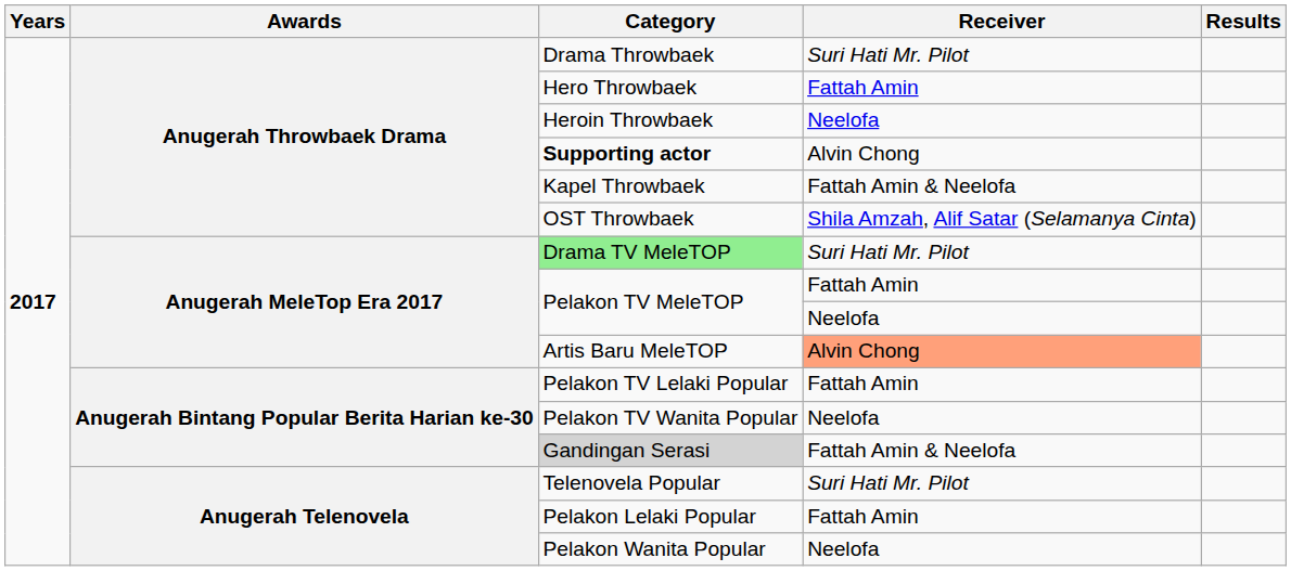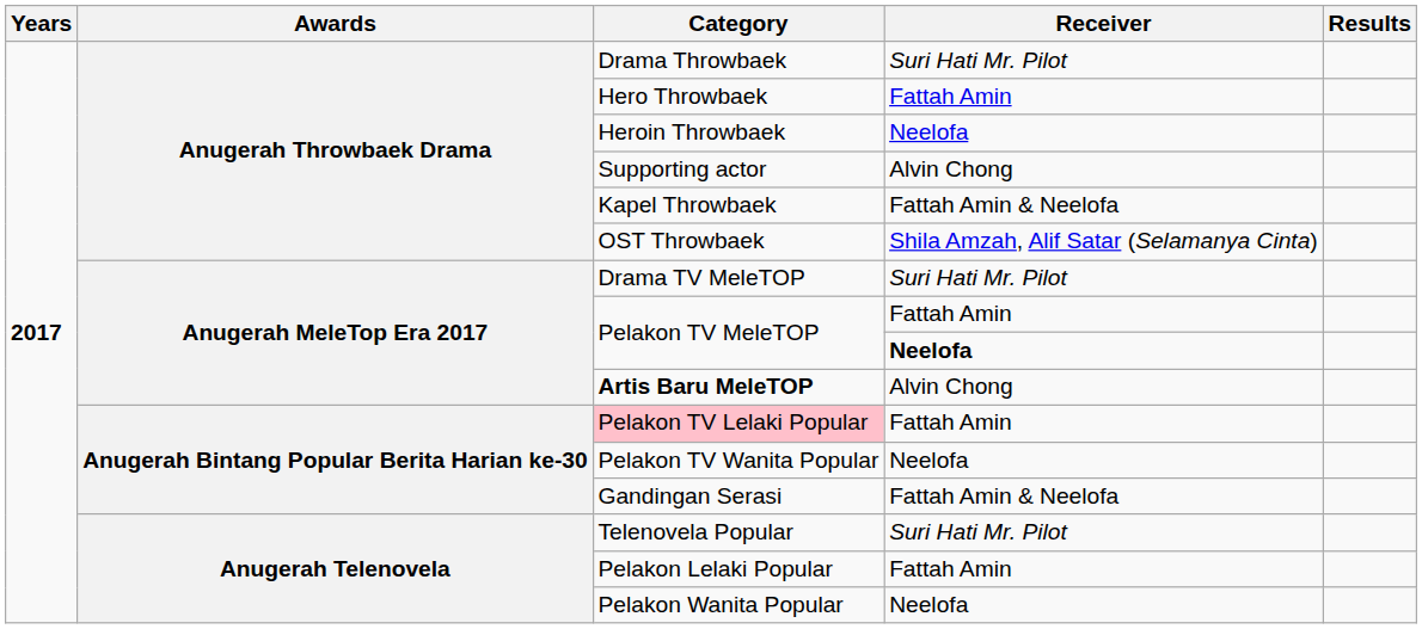 <table class="wikitable">
 <tr>
 <th>Years</th>
 <th>Awards</th>
 <th>Category</th>
 <th>Receiver</th>
 <th>Results</th>
 </tr>
 <tr>
 <td rowspan="16"><strong>2017</strong></td>
 <th rowspan="6" style="text-align:center;">Anugerah Throwbaek Drama</th>
 <td>Drama Throwbaek</td>
 <td><em>Suri Hati Mr. Pilot</em></td>
 <td></td>
 </tr>
 <tr>
 <td>Hero Throwbaek</td>
 <td><a href='#'>Fattah Amin</a></td>
 <td></td>
 </tr>
 <tr>
 <td>Heroin Throwbaek</td>
 <td><a href='#'>Neelofa</a></td>
 <td></td>
 </tr>
 <tr>
-<td><strong>Supporting actor</strong></td>
+<td>Supporting actor</td>
 <td>Alvin Chong</td>
 <td></td>
 </tr>
 <tr>
 <td>Kapel Throwbaek</td>
 <td>Fattah Amin & Neelofa</td>
 <td></td>
 </tr>
 <tr>
 <td>OST Throwbaek</td>
 <td><a href='#'>Shila Amzah</a>, <a href='#'>Alif Satar</a> (<em>Selamanya Cinta</em>)</td>
 <td></td>
 </tr>
 <tr>
 <th rowspan="4" style="text-align:center;">Anugerah MeleTop Era 2017</th>
-<td style="background: lightgreen;">Drama TV MeleTOP</td>
+<td>Drama TV MeleTOP</td>
 <td><em>Suri Hati Mr. Pilot</em></td>
 <td></td>
 </tr>
 <tr>
 <td rowspan="2">Pelakon TV MeleTOP</td>
 <td>Fattah Amin</td>
 <td></td>
 </tr>
 <tr>
-<td>Neelofa</td>
+<td><strong>Neelofa</strong></td>
 <td></td>
 </tr>
 <tr>
-<td>Artis Baru MeleTOP</td>
-<td style="background: lightsalmon;">Alvin Chong</td>
+<td><strong>Artis Baru MeleTOP</strong></td>
+<td>Alvin Chong</td>
 <td></td>
 </tr>
 <tr>
 <th rowspan="3" style="text-align:center;">Anugerah Bintang Popular Berita Harian ke-30</th>
-<td>Pelakon TV Lelaki Popular</td>
+<td style="background: pink;">Pelakon TV Lelaki Popular</td>
 <td>Fattah Amin</td>
 <td></td>
 </tr>
 <tr>
 <td>Pelakon TV Wanita Popular</td>
 <td>Neelofa</td>
 <td></td>
 </tr>
 <tr>
-<td style="background: lightgrey;">Gandingan Serasi</td>
+<td>Gandingan Serasi</td>
 <td>Fattah Amin & Neelofa</td>
 <td></td>
 </tr>
 <tr>
 <th rowspan="3" style="text-align:center;">Anugerah Telenovela</th>
 <td>Telenovela Popular</td>
 <td><em>Suri Hati Mr. Pilot</em></td>
 <td></td>
 </tr>
 <tr>
 <td>Pelakon Lelaki Popular</td>
 <td>Fattah Amin</td>
 <td></td>
 </tr>
 <tr>
 <td>Pelakon Wanita Popular</td>
 <td>Neelofa</td>
 <td></td>
 </tr>
 </table>
